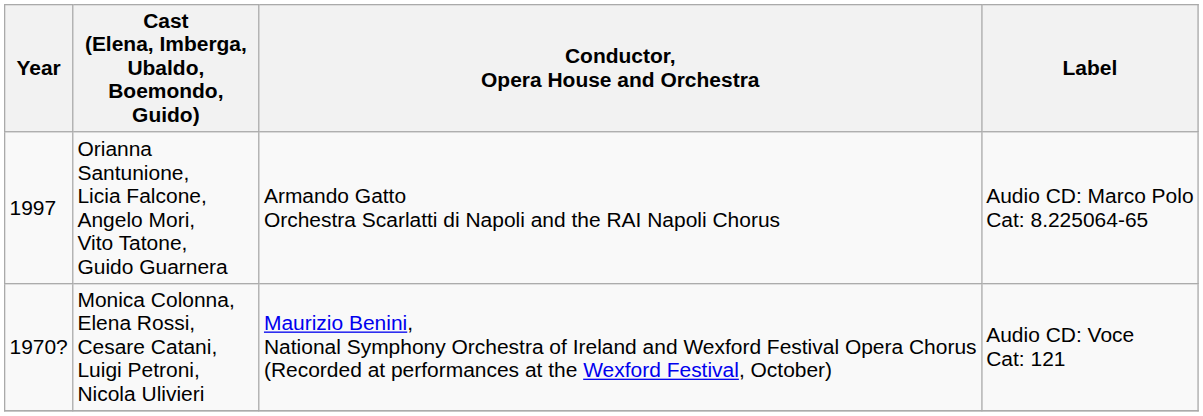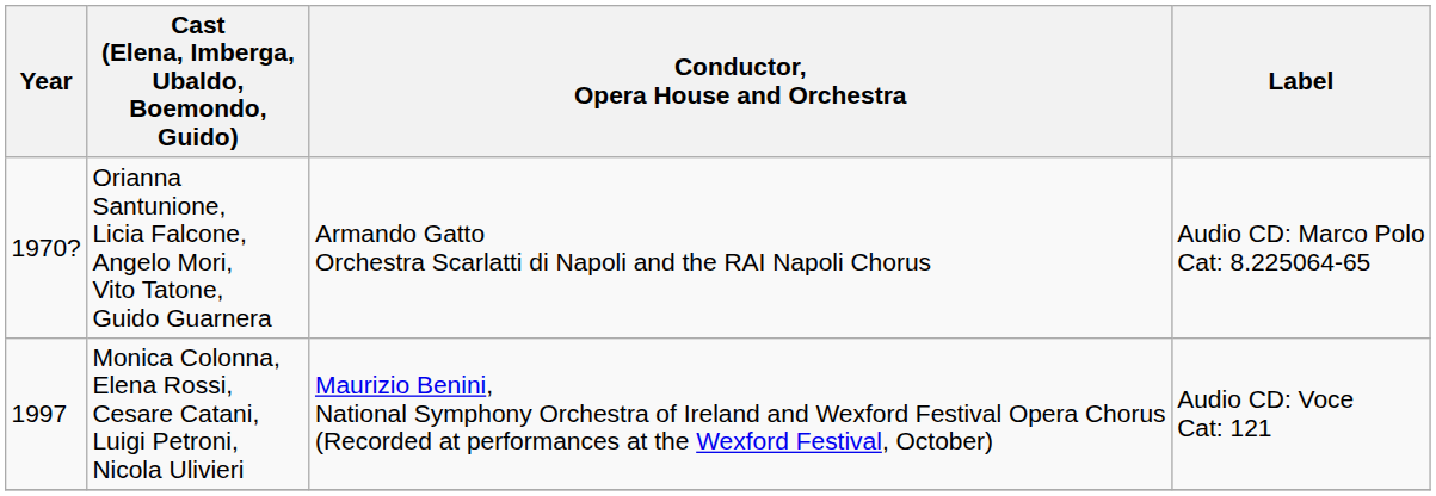 <table class="wikitable">
 <tr>
 <th>Year</th>
 <th width="135">Cast<br>(Elena, Imberga,<br>Ubaldo, Boemondo, Guido)</th>
 <th>Conductor,<br>Opera House and Orchestra</th>
 <th>Label</th>
 </tr>
 <tr>
-<td>1997</td>
+<td>1970?</td>
 <td>Orianna Santunione,<br>Licia Falcone,<br>Angelo Mori,<br>Vito Tatone,<br>Guido Guarnera</td>
 <td>Armando Gatto<br>Orchestra Scarlatti di Napoli  and the RAI Napoli Chorus</td>
 <td>Audio CD: Marco Polo<br>Cat: 8.225064-65</td>
 </tr>
 <tr>
-<td>1970?</td>
+<td>1997</td>
 <td>Monica Colonna,<br>Elena Rossi,<br>Cesare Catani,<br>Luigi Petroni,<br>Nicola Ulivieri</td>
 <td><a href='#'>Maurizio Benini</a>,<br>National Symphony Orchestra of Ireland and Wexford Festival Opera Chorus<br>(Recorded at performances at the <a href='#'>Wexford Festival</a>, October)</td>
 <td>Audio CD: Voce<br>Cat: 121</td>
 </tr>
 <tr>
 </tr>
 </table>
